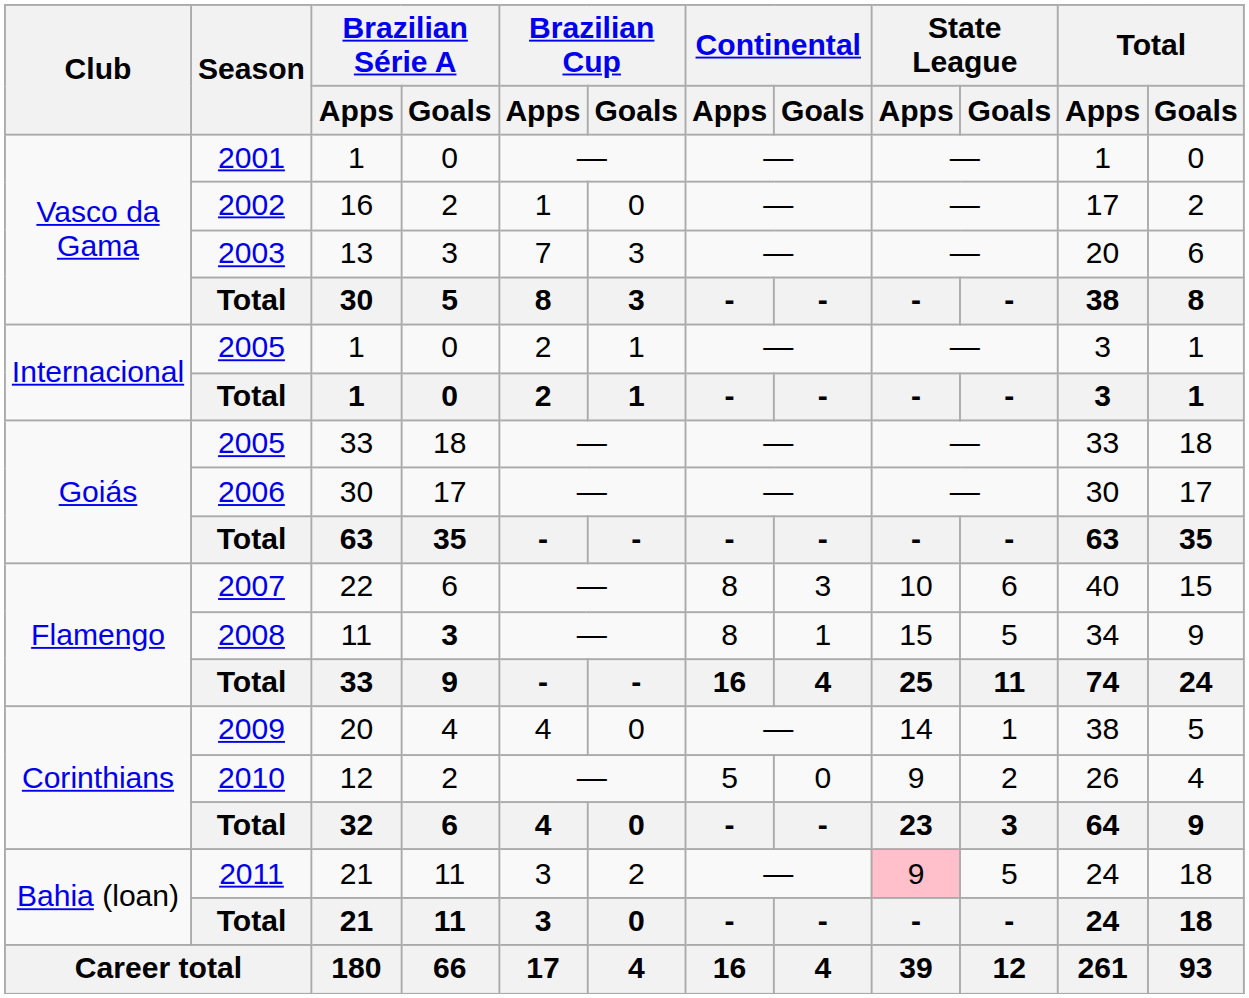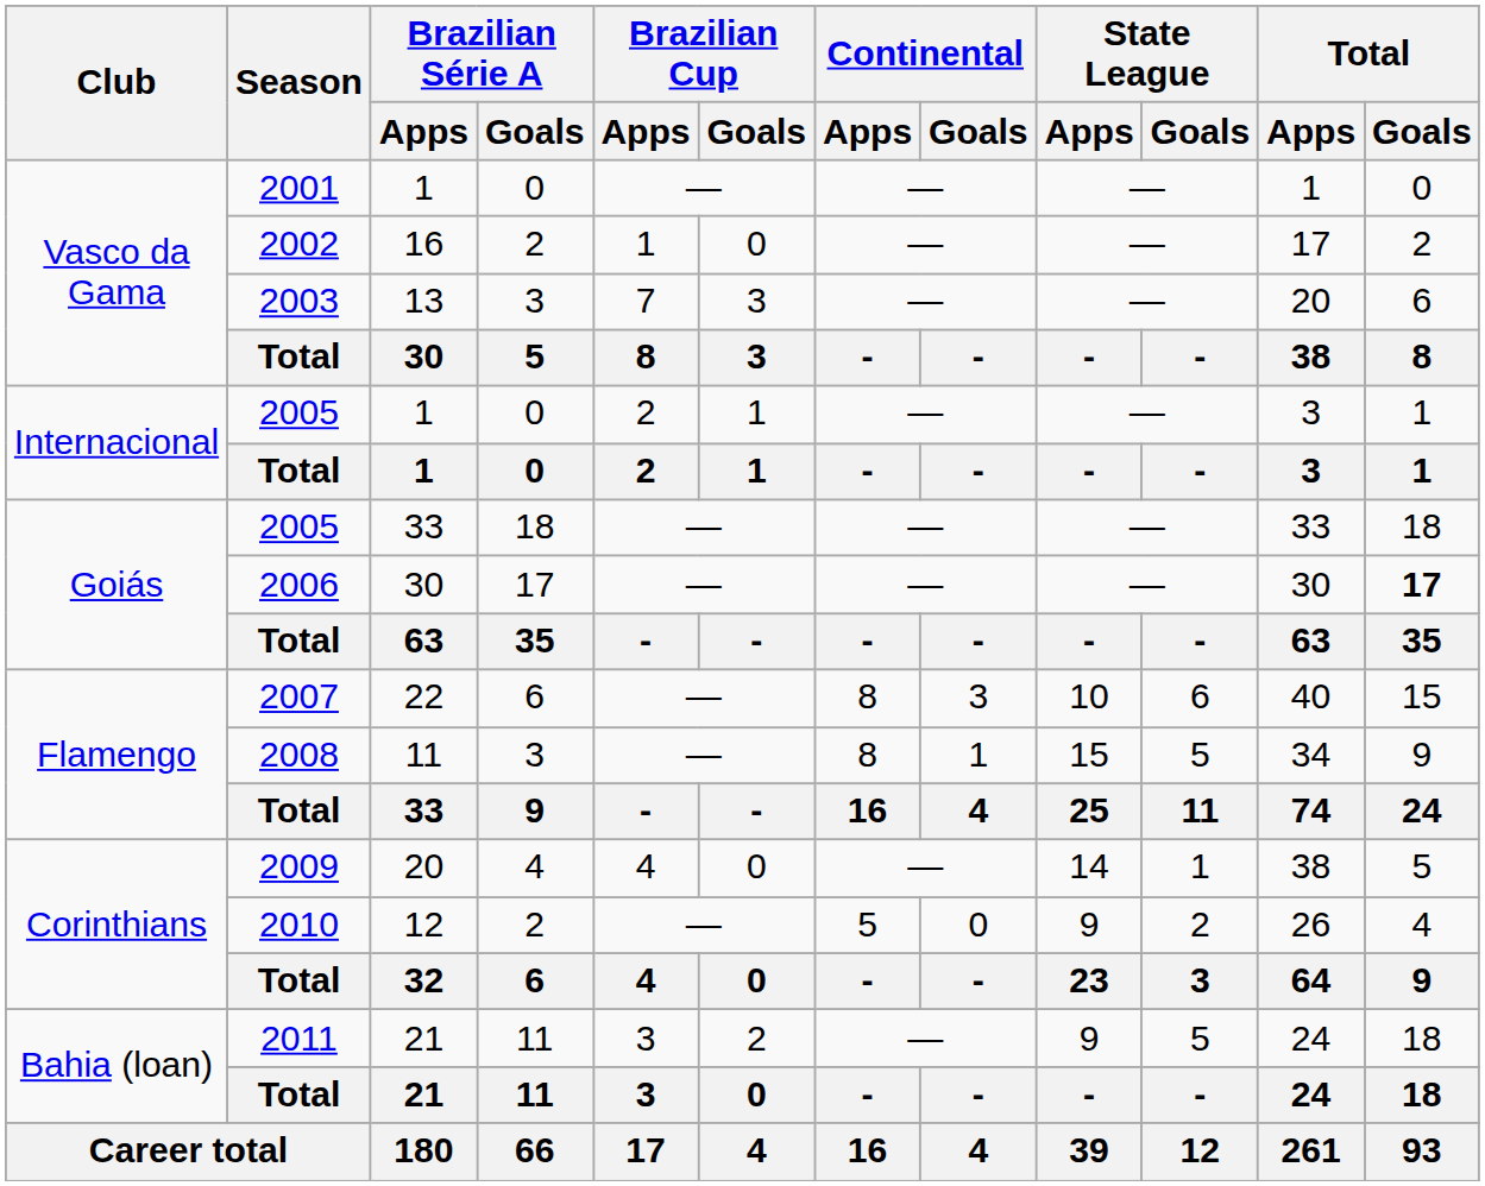 <table class="wikitable" style="text-align: center;">
 <tr>
 <th rowspan="2">Club</th>
 <th rowspan="2">Season</th>
 <th colspan="2"><a href='#'>Brazilian Série A</a></th>
 <th colspan="2"><a href='#'>Brazilian Cup</a></th>
 <th colspan="2"><a href='#'>Continental</a></th>
 <th colspan="2">State League</th>
 <th colspan="2">Total</th>
 </tr>
 <tr>
 <th>Apps</th>
 <th>Goals</th>
 <th>Apps</th>
 <th>Goals</th>
 <th>Apps</th>
 <th>Goals</th>
 <th>Apps</th>
 <th>Goals</th>
 <th>Apps</th>
 <th>Goals</th>
 </tr>
 <tr>
 <td rowspan="4"><a href='#'>Vasco da Gama</a></td>
 <td><a href='#'>2001</a></td>
 <td>1</td>
 <td>0</td>
 <td colspan="2">—</td>
 <td colspan="2">—</td>
 <td colspan="2">—</td>
 <td>1</td>
 <td>0</td>
 </tr>
 <tr>
 <td><a href='#'>2002</a></td>
 <td>16</td>
 <td>2</td>
 <td>1</td>
 <td>0</td>
 <td colspan="2">—</td>
 <td colspan="2">—</td>
 <td>17</td>
 <td>2</td>
 </tr>
 <tr>
 <td><a href='#'>2003</a></td>
 <td>13</td>
 <td>3</td>
 <td>7</td>
 <td>3</td>
 <td colspan="2">—</td>
 <td colspan="2">—</td>
 <td>20</td>
 <td>6</td>
 </tr>
 <tr>
 <th colspan="1">Total</th>
 <th>30</th>
 <th>5</th>
 <th>8</th>
 <th>3</th>
 <th>-</th>
 <th>-</th>
 <th>-</th>
 <th>-</th>
 <th>38</th>
 <th>8</th>
 </tr>
 <tr>
 <td rowspan="2"><a href='#'>Internacional</a></td>
 <td><a href='#'>2005</a></td>
 <td>1</td>
 <td>0</td>
 <td>2</td>
 <td>1</td>
 <td colspan="2">—</td>
 <td colspan="2">—</td>
 <td>3</td>
 <td>1</td>
 </tr>
 <tr>
 <th colspan="1">Total</th>
 <th>1</th>
 <th>0</th>
 <th>2</th>
 <th>1</th>
 <th>-</th>
 <th>-</th>
 <th>-</th>
 <th>-</th>
 <th>3</th>
 <th>1</th>
 </tr>
 <tr>
 <td rowspan="3"><a href='#'>Goiás</a></td>
 <td><a href='#'>2005</a></td>
 <td>33</td>
 <td>18</td>
 <td colspan="2">—</td>
 <td colspan="2">—</td>
 <td colspan="2">—</td>
 <td>33</td>
 <td>18</td>
 </tr>
 <tr>
 <td><a href='#'>2006</a></td>
 <td>30</td>
 <td>17</td>
 <td colspan="2">—</td>
 <td colspan="2">—</td>
 <td colspan="2">—</td>
 <td>30</td>
-<td>17</td>
+<td><strong>17</strong></td>
 </tr>
 <tr>
 <th colspan="1">Total</th>
 <th>63</th>
 <th>35</th>
 <th>-</th>
 <th>-</th>
 <th>-</th>
 <th>-</th>
 <th>-</th>
 <th>-</th>
 <th>63</th>
 <th>35</th>
 </tr>
 <tr>
 <td rowspan="3"><a href='#'>Flamengo</a></td>
 <td><a href='#'>2007</a></td>
 <td>22</td>
 <td>6</td>
 <td colspan="2">—</td>
 <td>8</td>
 <td>3</td>
 <td>10</td>
 <td>6</td>
 <td>40</td>
 <td>15</td>
 </tr>
 <tr>
 <td><a href='#'>2008</a></td>
 <td>11</td>
-<td><strong>3</strong></td>
+<td>3</td>
 <td colspan="2">—</td>
 <td>8</td>
 <td>1</td>
 <td>15</td>
 <td>5</td>
 <td>34</td>
 <td>9</td>
 </tr>
 <tr>
 <th colspan="1">Total</th>
 <th>33</th>
 <th>9</th>
 <th>-</th>
 <th>-</th>
 <th>16</th>
 <th>4</th>
 <th>25</th>
 <th>11</th>
 <th>74</th>
 <th>24</th>
 </tr>
 <tr>
 <td rowspan="3"><a href='#'>Corinthians</a></td>
 <td><a href='#'>2009</a></td>
 <td>20</td>
 <td>4</td>
 <td>4</td>
 <td>0</td>
 <td colspan="2">—</td>
 <td>14</td>
 <td>1</td>
 <td>38</td>
 <td>5</td>
 </tr>
 <tr>
 <td><a href='#'>2010</a></td>
 <td>12</td>
 <td>2</td>
 <td colspan="2">—</td>
 <td>5</td>
 <td>0</td>
 <td>9</td>
 <td>2</td>
 <td>26</td>
 <td>4</td>
 </tr>
 <tr>
 <th colspan="1">Total</th>
 <th>32</th>
 <th>6</th>
 <th>4</th>
 <th>0</th>
 <th>-</th>
 <th>-</th>
 <th>23</th>
 <th>3</th>
 <th>64</th>
 <th>9</th>
 </tr>
 <tr>
 <td rowspan="2"><a href='#'>Bahia</a> (loan)</td>
 <td><a href='#'>2011</a></td>
 <td>21</td>
 <td>11</td>
 <td>3</td>
 <td>2</td>
 <td colspan="2">—</td>
-<td style="background: pink;">9</td>
+<td>9</td>
 <td>5</td>
 <td>24</td>
 <td>18</td>
 </tr>
 <tr>
 <th colspan="1">Total</th>
 <th>21</th>
 <th>11</th>
 <th>3</th>
 <th>0</th>
 <th>-</th>
 <th>-</th>
 <th>-</th>
 <th>-</th>
 <th>24</th>
 <th>18</th>
 </tr>
 <tr>
 <th colspan="2">Career total</th>
 <th>180</th>
 <th>66</th>
 <th>17</th>
 <th>4</th>
 <th>16</th>
 <th>4</th>
 <th>39</th>
 <th>12</th>
 <th>261</th>
 <th>93</th>
 </tr>
 </table>
